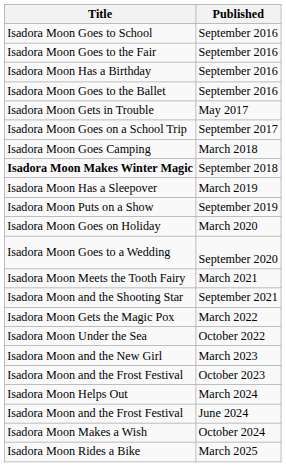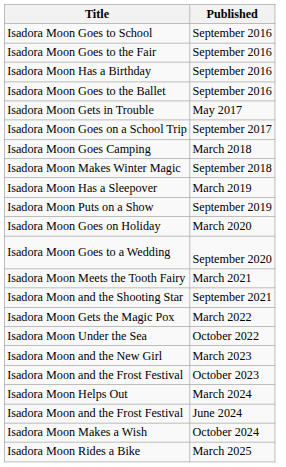 <table class="wikitable">
 <tr>
 <th>Title</th>
 <th>Published</th>
 </tr>
 <tr>
 <td>Isadora Moon Goes to School</td>
 <td>September 2016</td>
 </tr>
 <tr>
 <td>Isadora Moon Goes to the Fair</td>
 <td>September 2016</td>
 </tr>
 <tr>
 <td>Isadora Moon Has a Birthday</td>
 <td>September 2016</td>
 </tr>
 <tr>
 <td>Isadora Moon Goes to the Ballet</td>
 <td>September 2016</td>
 </tr>
 <tr>
 <td>Isadora Moon Gets in Trouble</td>
 <td>May 2017</td>
 </tr>
 <tr>
 <td>Isadora Moon Goes on a School Trip</td>
 <td>September 2017</td>
 </tr>
 <tr>
 <td>Isadora Moon Goes Camping</td>
 <td>March 2018</td>
 </tr>
 <tr>
-<td><strong>Isadora Moon Makes Winter Magic</strong></td>
+<td>Isadora Moon Makes Winter Magic</td>
 <td>September 2018</td>
 </tr>
 <tr>
 <td>Isadora Moon Has a Sleepover</td>
 <td>March 2019</td>
 </tr>
 <tr>
 <td>Isadora Moon Puts on a Show</td>
 <td>September 2019</td>
 </tr>
 <tr>
 <td>Isadora Moon Goes on Holiday</td>
 <td>March 2020</td>
 </tr>
 <tr>
 <td>Isadora Moon Goes to a Wedding</td>
 <td><br>September 2020</td>
 </tr>
 <tr>
 <td>Isadora Moon Meets the Tooth Fairy</td>
 <td>March 2021</td>
 </tr>
 <tr>
 <td>Isadora Moon and the Shooting Star</td>
 <td>September 2021</td>
 </tr>
 <tr>
 <td>Isadora Moon Gets the Magic Pox</td>
 <td>March 2022</td>
 </tr>
 <tr>
 <td>Isadora Moon Under the Sea</td>
 <td>October 2022</td>
 </tr>
 <tr>
 <td>Isadora Moon and the New Girl</td>
 <td>March 2023</td>
 </tr>
 <tr>
 <td>Isadora Moon and the Frost Festival</td>
 <td>October 2023</td>
 </tr>
 <tr>
 <td>Isadora Moon Helps Out</td>
 <td>March 2024</td>
 </tr>
 <tr>
 <td>Isadora Moon and the Frost Festival</td>
 <td>June 2024</td>
 </tr>
 <tr>
 <td>Isadora Moon Makes a Wish</td>
 <td>October 2024</td>
 </tr>
 <tr>
 <td>Isadora Moon Rides a Bike</td>
 <td>March 2025</td>
 </tr>
 </table>
